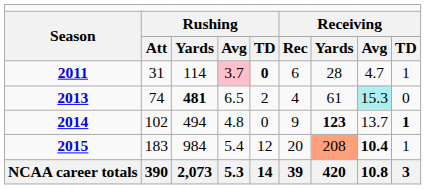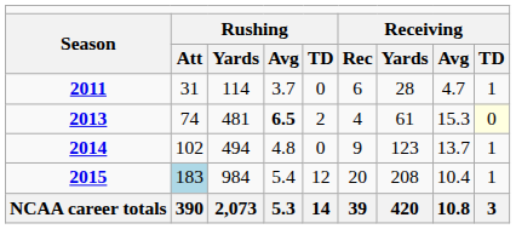 <table class=wikitable style="text-align:center;">
 <tr>
 <td ! colspan="10"></td>
 </tr>
 <tr>
 <th rowspan=2>Season</th>
 <th colspan=4>Rushing</th>
 <th colspan=4>Receiving</th>
 </tr>
 <tr>
 <th>Att</th>
 <th>Yards</th>
 <th>Avg</th>
 <th>TD</th>
 <th>Rec</th>
 <th>Yards</th>
 <th>Avg</th>
 <th>TD</th>
 </tr>
 <tr>
 <td><strong><a href='#'>2011</a></strong></td>
 <td>31</td>
 <td>114</td>
-<td style="background: pink;">3.7</td>
-<td><strong>0</strong></td>
+<td>3.7</td>
+<td>0</td>
 <td>6</td>
 <td>28</td>
 <td>4.7</td>
 <td>1</td>
 </tr>
 <tr>
 <td><strong><a href='#'>2013</a></strong></td>
 <td>74</td>
-<td><strong>481</strong></td>
-<td>6.5</td>
+<td>481</td>
+<td><strong>6.5</strong></td>
 <td>2</td>
 <td>4</td>
 <td>61</td>
-<td style="background: paleturquoise;">15.3</td>
-<td>0</td>
+<td>15.3</td>
+<td style="background: lightyellow;">0</td>
 </tr>
 <tr>
 <td><strong><a href='#'>2014</a></strong></td>
 <td>102</td>
 <td>494</td>
 <td>4.8</td>
 <td>0</td>
 <td>9</td>
-<td><strong>123</strong></td>
+<td>123</td>
 <td>13.7</td>
-<td><strong>1</strong></td>
+<td>1</td>
 </tr>
 <tr>
 <td><strong><a href='#'>2015</a></strong></td>
-<td>183</td>
+<td style="background: lightblue;">183</td>
 <td>984</td>
 <td>5.4</td>
 <td>12</td>
 <td>20</td>
-<td style="background: lightsalmon;">208</td>
-<td><strong>10.4</strong></td>
+<td>208</td>
+<td>10.4</td>
 <td>1</td>
 </tr>
 <tr>
 <th>NCAA career totals</th>
 <th>390</th>
 <th>2,073</th>
 <th>5.3</th>
 <th>14</th>
 <th>39</th>
 <th>420</th>
 <th>10.8</th>
 <th>3</th>
 </tr>
 </table>
